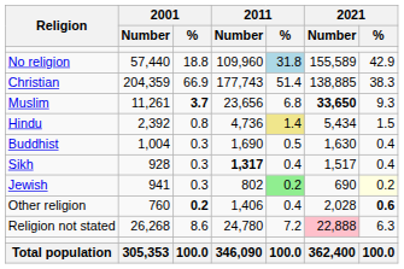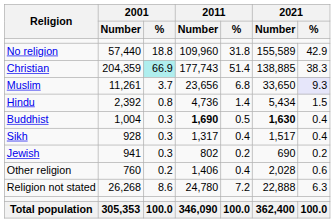 <table class="wikitable sortable mw-collapsible">
 <tr>
 <th rowspan="2">Religion</th>
 <th colspan="2">2001</th>
 <th colspan="2">2011</th>
 <th colspan="2">2021</th>
 </tr>
 <tr>
 <th>Number</th>
 <th>%</th>
 <th>Number</th>
 <th>%</th>
 <th>Number</th>
 <th>%</th>
 </tr>
 <tr>
 <td></td>
 <td></td>
 <td></td>
 <td></td>
 <td></td>
 </tr>
 <tr>
 <td><a href='#'>No religion</a></td>
 <td align="right">57,440</td>
 <td align="right">18.8</td>
 <td align="right">109,960</td>
-<td align="right" style="background: lightblue;">31.8</td>
+<td align="right">31.8</td>
 <td align="right">155,589</td>
 <td align="right">42.9</td>
 </tr>
 <tr>
 <td> <a href='#'>Christian</a></td>
 <td align="right">204,359</td>
-<td align="right">66.9</td>
+<td align="right" style="background: paleturquoise;">66.9</td>
 <td align="right">177,743</td>
 <td align="right">51.4</td>
 <td align="right">138,885</td>
 <td align="right">38.3</td>
 </tr>
 <tr>
 <td> <a href='#'>Muslim</a></td>
 <td align="right">11,261</td>
-<td align="right"><strong>3.7</strong></td>
+<td align="right">3.7</td>
 <td align="right">23,656</td>
 <td align="right">6.8</td>
-<td align="right"><strong>33,650</strong></td>
-<td align="right">9.3</td>
+<td align="right">33,650</td>
+<td align="right" style="background: lavender;">9.3</td>
 </tr>
 <tr>
 <td> <a href='#'>Hindu</a></td>
 <td align="right">2,392</td>
 <td align="right">0.8</td>
 <td align="right">4,736</td>
-<td align="right" style="background: khaki;">1.4</td>
+<td align="right">1.4</td>
 <td align="right">5,434</td>
 <td align="right">1.5</td>
 </tr>
 <tr>
 <td> <a href='#'>Buddhist</a></td>
 <td align="right">1,004</td>
 <td align="right">0.3</td>
-<td align="right">1,690</td>
+<td align="right"><strong>1,690</strong></td>
 <td align="right">0.5</td>
-<td align="right">1,630</td>
+<td align="right"><strong>1,630</strong></td>
 <td align="right">0.4</td>
 </tr>
 <tr>
 <td> <a href='#'>Sikh</a></td>
 <td align="right">928</td>
 <td align="right">0.3</td>
-<td align="right"><strong>1,317</strong></td>
+<td align="right">1,317</td>
 <td align="right">0.4</td>
 <td align="right">1,517</td>
 <td align="right">0.4</td>
 </tr>
 <tr>
 <td> <a href='#'>Jewish</a></td>
 <td align="right">941</td>
 <td align="right">0.3</td>
 <td align="right">802</td>
-<td align="right" style="background: lightgreen;">0.2</td>
+<td align="right">0.2</td>
 <td align="right">690</td>
-<td align="right" style="background: lightyellow;">0.2</td>
+<td align="right">0.2</td>
 </tr>
 <tr>
 <td>Other religion</td>
 <td align="right">760</td>
-<td align="right"><strong>0.2</strong></td>
+<td align="right">0.2</td>
 <td align="right">1,406</td>
 <td align="right">0.4</td>
 <td align="right">2,028</td>
-<td align="right"><strong>0.6</strong></td>
+<td align="right">0.6</td>
 </tr>
 <tr>
 <td>Religion not stated</td>
 <td align="right">26,268</td>
 <td align="right">8.6</td>
 <td align="right">24,780</td>
 <td align="right">7.2</td>
-<td align="right" style="background: pink;">22,888</td>
+<td align="right">22,888</td>
 <td align="right">6.3</td>
 </tr>
 <tr>
 <td></td>
 <td></td>
 <td></td>
 <td></td>
 <td></td>
 </tr>
 <tr>
 <th>Total population</th>
 <th align="right">305,353</th>
 <th align="right">100.0</th>
 <th align="right">346,090</th>
 <th align="right">100.0</th>
 <th align="right">362,400</th>
 <th align="right">100.0</th>
 </tr>
 </table>
